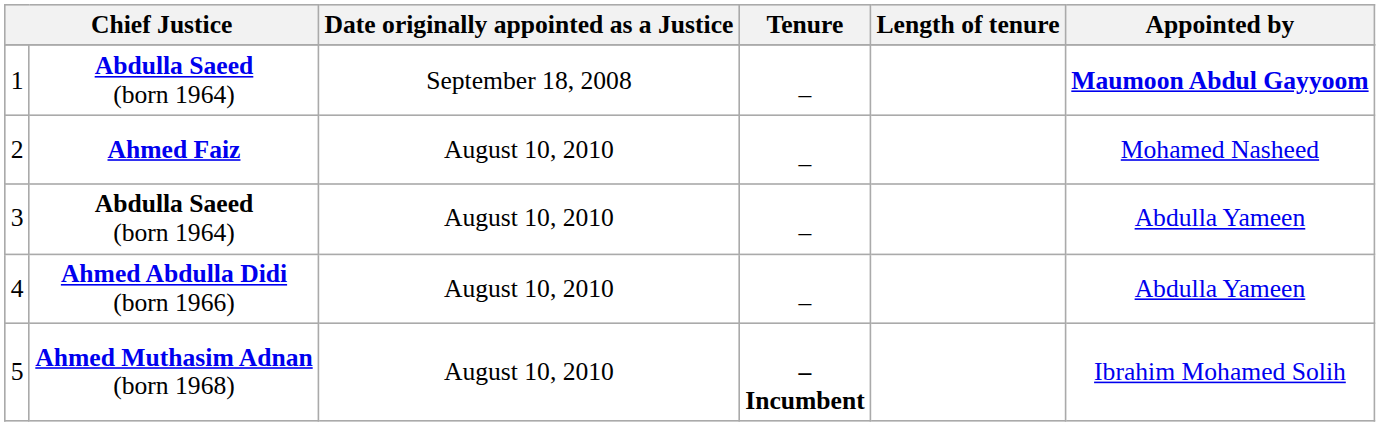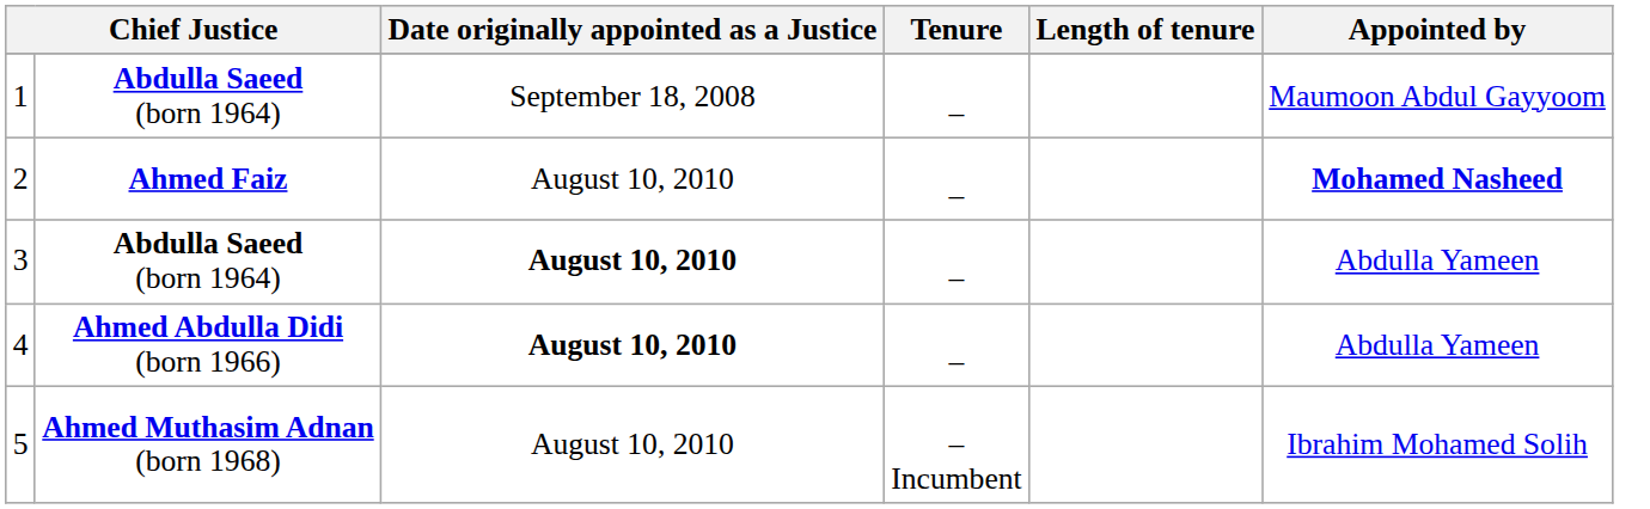 <table class="wikitable sortable" style="text-align: center;">
 <tr>
 <th colspan="2">Chief Justice</th>
 <th class = "unsortable">Date originally appointed as a Justice</th>
 <th>Tenure</th>
 <th>Length of tenure</th>
 <th>Appointed by</th>
 </tr>
 <tr>
 </tr>
 <tr style="background:#FFF;">
 <td data-sort-value="Abdulla Saeed">1</td>
 <td><strong><a href='#'>Abdulla Saeed</a></strong><br>(born 1964)</td>
 <td><span>September 18, 2008</span></td>
 <td><br>–<br><span></span></td>
 <td></td>
-<td><strong><a href='#'>Maumoon Abdul Gayyoom</a></strong></td>
+<td><a href='#'>Maumoon Abdul Gayyoom</a></td>
 </tr>
 <tr style="background:#FFF;">
 <td data-sort-value="Ahmed Faiz">2</td>
 <td><a href='#'><strong>Ahmed Faiz</strong></a></td>
 <td><span>August 10, 2010</span></td>
 <td><br>–<br><span></span></td>
 <td></td>
-<td><a href='#'>Mohamed Nasheed</a></td>
+<td><strong><a href='#'>Mohamed Nasheed</a></strong></td>
 </tr>
 <tr style="background:#FFF;">
 <td data-sort-value="Abdulla Saeed">3</td>
 <td><strong>Abdulla Saeed</strong><br>(born 1964)</td>
-<td><span>August 10, 2010</span></td>
+<td><strong><span>August 10, 2010</span></strong></td>
 <td><br>–<br><span></span></td>
 <td></td>
 <td><a href='#'>Abdulla Yameen</a></td>
 </tr>
 <tr style="background:#FFF;">
 <td data-sort-value="Ahmed Abdhulla Didi">4</td>
 <td><strong><a href='#'>Ahmed Abdulla Didi</a></strong><br>(born 1966)</td>
-<td><span>August 10, 2010</span></td>
+<td><strong><span>August 10, 2010</span></strong></td>
 <td><br>–<br></td>
 <td></td>
 <td><a href='#'>Abdulla Yameen</a></td>
 </tr>
 <tr style="background:#FFF;">
 <td data-sort-value="Ahmed Muthasim Adnan">5</td>
 <td><strong><a href='#'>Ahmed Muthasim Adnan</a></strong><br>(born 1968)</td>
 <td><span>August 10, 2010</span></td>
-<td><strong><br>–<br>Incumbent</strong></td>
+<td><br>–<br>Incumbent</td>
 <td></td>
 <td><a href='#'>Ibrahim Mohamed Solih</a></td>
 </tr>
 </table>
